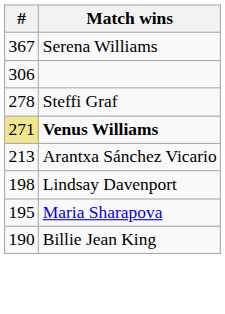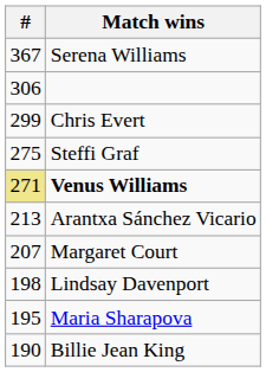 <table class="wikitable" style="display:inline-table">
 <tr>
 <th style="width:20px;">#</th>
 <th>Match wins</th>
 </tr>
 <tr>
 <td>367</td>
 <td> Serena Williams</td>
 </tr>
 <tr>
 <td>306</td>
 <td></td>
 </tr>
 <tr>
-<td>278</td>
+<td>299</td>
+<td> Chris Evert</td>
+</tr>
+<tr>
+<td>275</td>
 <td> Steffi Graf</td>
 </tr>
 <tr>
 <td style="background: khaki;">271</td>
 <td> <strong>Venus Williams</strong></td>
 </tr>
 <tr>
 <td>213</td>
 <td> Arantxa Sánchez Vicario</td>
+</tr>
+<tr>
+<td>207</td>
+<td> Margaret Court</td>
 </tr>
 <tr>
 <td>198</td>
 <td> Lindsay Davenport</td>
 </tr>
 <tr>
 <td>195</td>
 <td> <a href='#'>Maria Sharapova</a></td>
 </tr>
 <tr>
 <td>190</td>
 <td> Billie Jean King</td>
 </tr>
 </table>
